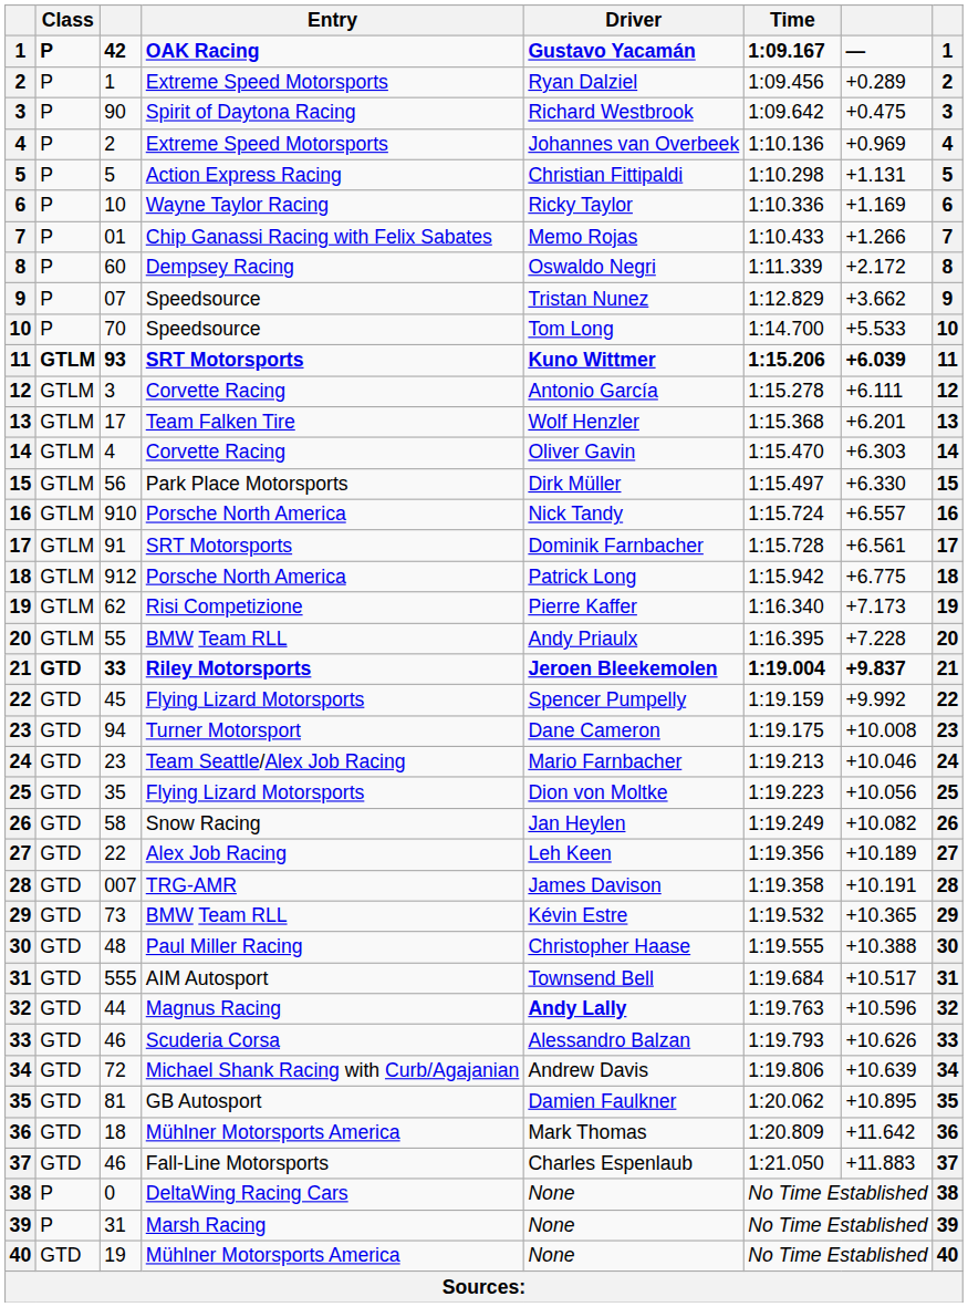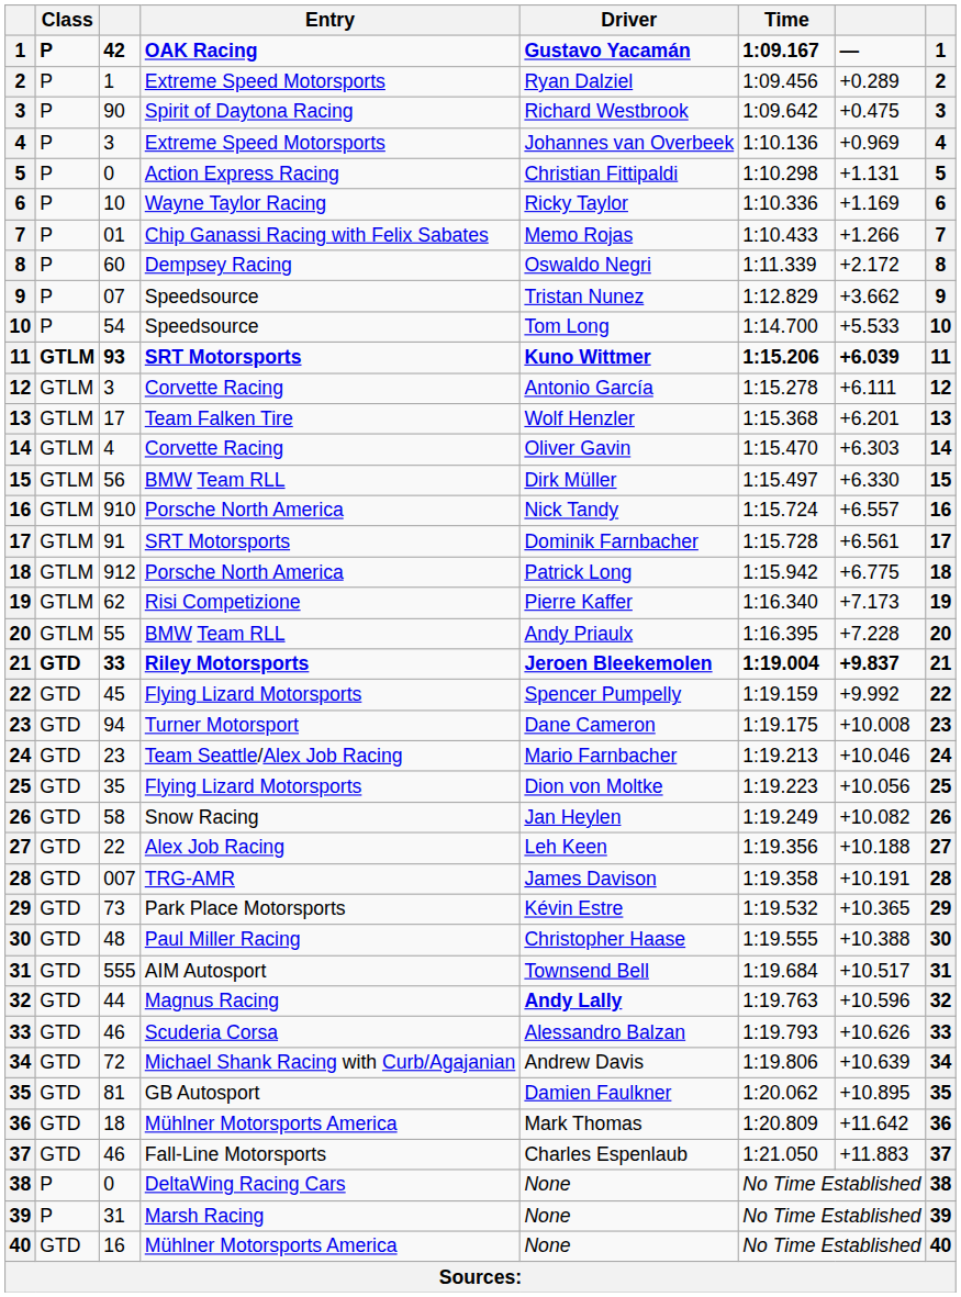 <table class="wikitable">
 <tr>
 <th></th>
 <th>Class</th>
 <th></th>
 <th>Entry</th>
 <th>Driver</th>
 <th>Time</th>
 <th></th>
 <th></th>
 </tr>
 <tr>
 <th>1</th>
 <td><strong>P</strong></td>
 <td><strong>42</strong></td>
 <td><strong> <a href='#'>OAK Racing</a></strong></td>
 <td><strong> <a href='#'>Gustavo Yacamán</a></strong></td>
 <td><strong>1:09.167</strong></td>
 <td><strong>—</strong></td>
 <th>1</th>
 </tr>
 <tr>
 <th>2</th>
 <td>P</td>
 <td>1</td>
 <td> <a href='#'>Extreme Speed Motorsports</a></td>
 <td> <a href='#'>Ryan Dalziel</a></td>
 <td>1:09.456</td>
 <td>+0.289</td>
 <th>2</th>
 </tr>
 <tr>
 <th>3</th>
 <td>P</td>
 <td>90</td>
 <td> <a href='#'>Spirit of Daytona Racing</a></td>
 <td> <a href='#'>Richard Westbrook</a></td>
 <td>1:09.642</td>
 <td>+0.475</td>
 <th>3</th>
 </tr>
 <tr>
 <th>4</th>
 <td>P</td>
-<td>2</td>
+<td>3</td>
 <td> <a href='#'>Extreme Speed Motorsports</a></td>
 <td> <a href='#'>Johannes van Overbeek</a></td>
 <td>1:10.136</td>
 <td>+0.969</td>
 <th>4</th>
 </tr>
 <tr>
 <th>5</th>
 <td>P</td>
-<td>5</td>
+<td>0</td>
 <td> <a href='#'>Action Express Racing</a></td>
 <td> <a href='#'>Christian Fittipaldi</a></td>
 <td>1:10.298</td>
 <td>+1.131</td>
 <th>5</th>
 </tr>
 <tr>
 <th>6</th>
 <td>P</td>
 <td>10</td>
 <td> <a href='#'>Wayne Taylor Racing</a></td>
 <td> <a href='#'>Ricky Taylor</a></td>
 <td>1:10.336</td>
 <td>+1.169</td>
 <th>6</th>
 </tr>
 <tr>
 <th>7</th>
 <td>P</td>
 <td>01</td>
 <td> <a href='#'>Chip Ganassi Racing with Felix Sabates</a></td>
 <td> <a href='#'>Memo Rojas</a></td>
 <td>1:10.433</td>
 <td>+1.266</td>
 <th>7</th>
 </tr>
 <tr>
 <th>8</th>
 <td>P</td>
 <td>60</td>
 <td> <a href='#'>Dempsey Racing</a></td>
 <td> <a href='#'>Oswaldo Negri</a></td>
 <td>1:11.339</td>
 <td>+2.172</td>
 <th>8</th>
 </tr>
 <tr>
 <th>9</th>
 <td>P</td>
 <td>07</td>
 <td> Speedsource</td>
 <td> <a href='#'>Tristan Nunez</a></td>
 <td>1:12.829</td>
 <td>+3.662</td>
 <th>9</th>
 </tr>
 <tr>
 <th>10</th>
 <td>P</td>
-<td>70</td>
+<td>54</td>
 <td> Speedsource</td>
 <td> <a href='#'>Tom Long</a></td>
 <td>1:14.700</td>
 <td>+5.533</td>
 <th>10</th>
 </tr>
 <tr>
 <th>11</th>
 <td><strong>GTLM</strong></td>
 <td><strong>93</strong></td>
 <td><strong> <a href='#'>SRT Motorsports</a></strong></td>
 <td><strong> <a href='#'>Kuno Wittmer</a></strong></td>
 <td><strong>1:15.206</strong></td>
 <td><strong>+6.039</strong></td>
 <th>11</th>
 </tr>
 <tr>
 <th>12</th>
 <td>GTLM</td>
 <td>3</td>
 <td> <a href='#'>Corvette Racing</a></td>
 <td> <a href='#'>Antonio García</a></td>
 <td>1:15.278</td>
 <td>+6.111</td>
 <th>12</th>
 </tr>
 <tr>
 <th>13</th>
 <td>GTLM</td>
 <td>17</td>
 <td> <a href='#'>Team Falken Tire</a></td>
 <td> <a href='#'>Wolf Henzler</a></td>
 <td>1:15.368</td>
 <td>+6.201</td>
 <th>13</th>
 </tr>
 <tr>
 <th>14</th>
 <td>GTLM</td>
 <td>4</td>
 <td> <a href='#'>Corvette Racing</a></td>
 <td> <a href='#'>Oliver Gavin</a></td>
 <td>1:15.470</td>
 <td>+6.303</td>
 <th>14</th>
 </tr>
 <tr>
 <th>15</th>
 <td>GTLM</td>
 <td>56</td>
-<td> Park Place Motorsports</td>
+<td> <a href='#'>BMW</a> <a href='#'>Team RLL</a></td>
 <td> <a href='#'>Dirk Müller</a></td>
 <td>1:15.497</td>
 <td>+6.330</td>
 <th>15</th>
 </tr>
 <tr>
 <th>16</th>
 <td>GTLM</td>
 <td>910</td>
 <td> <a href='#'>Porsche North America</a></td>
 <td> <a href='#'>Nick Tandy</a></td>
 <td>1:15.724</td>
 <td>+6.557</td>
 <th>16</th>
 </tr>
 <tr>
 <th>17</th>
 <td>GTLM</td>
 <td>91</td>
 <td> <a href='#'>SRT Motorsports</a></td>
 <td> <a href='#'>Dominik Farnbacher</a></td>
 <td>1:15.728</td>
 <td>+6.561</td>
 <th>17</th>
 </tr>
 <tr>
 <th>18</th>
 <td>GTLM</td>
 <td>912</td>
 <td> <a href='#'>Porsche North America</a></td>
 <td> <a href='#'>Patrick Long</a></td>
 <td>1:15.942</td>
 <td>+6.775</td>
 <th>18</th>
 </tr>
 <tr>
 <th>19</th>
 <td>GTLM</td>
 <td>62</td>
 <td> <a href='#'>Risi Competizione</a></td>
 <td> <a href='#'>Pierre Kaffer</a></td>
 <td>1:16.340</td>
 <td>+7.173</td>
 <th>19</th>
 </tr>
 <tr>
 <th>20</th>
 <td>GTLM</td>
 <td>55</td>
 <td> <a href='#'>BMW</a> <a href='#'>Team RLL</a></td>
 <td> <a href='#'>Andy Priaulx</a></td>
 <td>1:16.395</td>
 <td>+7.228</td>
 <th>20</th>
 </tr>
 <tr>
 <th>21</th>
 <td><strong>GTD</strong></td>
 <td><strong>33</strong></td>
 <td><strong> <a href='#'>Riley Motorsports</a></strong></td>
 <td><strong> <a href='#'>Jeroen Bleekemolen</a></strong></td>
 <td><strong>1:19.004</strong></td>
 <td><strong>+9.837</strong></td>
 <th>21</th>
 </tr>
 <tr>
 <th>22</th>
 <td>GTD</td>
 <td>45</td>
 <td> <a href='#'>Flying Lizard Motorsports</a></td>
 <td> <a href='#'>Spencer Pumpelly</a></td>
 <td>1:19.159</td>
 <td>+9.992</td>
 <th>22</th>
 </tr>
 <tr>
 <th>23</th>
 <td>GTD</td>
 <td>94</td>
 <td> <a href='#'>Turner Motorsport</a></td>
 <td> <a href='#'>Dane Cameron</a></td>
 <td>1:19.175</td>
 <td>+10.008</td>
 <th>23</th>
 </tr>
 <tr>
 <th>24</th>
 <td>GTD</td>
 <td>23</td>
 <td> <a href='#'>Team Seattle</a>/<a href='#'>Alex Job Racing</a></td>
 <td> <a href='#'>Mario Farnbacher</a></td>
 <td>1:19.213</td>
 <td>+10.046</td>
 <th>24</th>
 </tr>
 <tr>
 <th>25</th>
 <td>GTD</td>
 <td>35</td>
 <td> <a href='#'>Flying Lizard Motorsports</a></td>
 <td> <a href='#'>Dion von Moltke</a></td>
 <td>1:19.223</td>
 <td>+10.056</td>
 <th>25</th>
 </tr>
 <tr>
 <th>26</th>
 <td>GTD</td>
 <td>58</td>
 <td> Snow Racing</td>
 <td> <a href='#'>Jan Heylen</a></td>
 <td>1:19.249</td>
 <td>+10.082</td>
 <th>26</th>
 </tr>
 <tr>
 <th>27</th>
 <td>GTD</td>
 <td>22</td>
 <td> <a href='#'>Alex Job Racing</a></td>
 <td> <a href='#'>Leh Keen</a></td>
 <td>1:19.356</td>
-<td>+10.189</td>
+<td>+10.188</td>
 <th>27</th>
 </tr>
 <tr>
 <th>28</th>
 <td>GTD</td>
 <td>007</td>
 <td> <a href='#'>TRG-AMR</a></td>
 <td> <a href='#'>James Davison</a></td>
 <td>1:19.358</td>
 <td>+10.191</td>
 <th>28</th>
 </tr>
 <tr>
 <th>29</th>
 <td>GTD</td>
 <td>73</td>
-<td> <a href='#'>BMW</a> <a href='#'>Team RLL</a></td>
+<td> Park Place Motorsports</td>
 <td> <a href='#'>Kévin Estre</a></td>
 <td>1:19.532</td>
 <td>+10.365</td>
 <th>29</th>
 </tr>
 <tr>
 <th>30</th>
 <td>GTD</td>
 <td>48</td>
 <td> <a href='#'>Paul Miller Racing</a></td>
 <td> <a href='#'>Christopher Haase</a></td>
 <td>1:19.555</td>
 <td>+10.388</td>
 <th>30</th>
 </tr>
 <tr>
 <th>31</th>
 <td>GTD</td>
 <td>555</td>
 <td> AIM Autosport</td>
 <td> <a href='#'>Townsend Bell</a></td>
 <td>1:19.684</td>
 <td>+10.517</td>
 <th>31</th>
 </tr>
 <tr>
 <th>32</th>
 <td>GTD</td>
 <td>44</td>
 <td> <a href='#'>Magnus Racing</a></td>
 <td><strong> <a href='#'>Andy Lally</a></strong></td>
 <td>1:19.763</td>
 <td>+10.596</td>
 <th>32</th>
 </tr>
 <tr>
 <th>33</th>
 <td>GTD</td>
 <td>46</td>
 <td> <a href='#'>Scuderia Corsa</a></td>
 <td> <a href='#'>Alessandro Balzan</a></td>
 <td>1:19.793</td>
 <td>+10.626</td>
 <th>33</th>
 </tr>
 <tr>
 <th>34</th>
 <td>GTD</td>
 <td>72</td>
 <td> <a href='#'>Michael Shank Racing</a> with <a href='#'>Curb/Agajanian</a></td>
 <td> Andrew Davis</td>
 <td>1:19.806</td>
 <td>+10.639</td>
 <th>34</th>
 </tr>
 <tr>
 <th>35</th>
 <td>GTD</td>
 <td>81</td>
 <td> GB Autosport</td>
 <td> <a href='#'>Damien Faulkner</a></td>
 <td>1:20.062</td>
 <td>+10.895</td>
 <th>35</th>
 </tr>
 <tr>
 <th>36</th>
 <td>GTD</td>
 <td>18</td>
 <td> <a href='#'>Mühlner Motorsports America</a></td>
 <td> Mark Thomas</td>
 <td>1:20.809</td>
 <td>+11.642</td>
 <th>36</th>
 </tr>
 <tr>
 <th>37</th>
 <td>GTD</td>
 <td>46</td>
 <td> Fall-Line Motorsports</td>
 <td> Charles Espenlaub</td>
 <td>1:21.050</td>
 <td>+11.883</td>
 <th>37</th>
 </tr>
 <tr>
 <th>38</th>
 <td>P</td>
 <td>0</td>
 <td> <a href='#'>DeltaWing Racing Cars</a></td>
 <td><em>None</em></td>
 <td colspan="2"><em>No Time Established</em></td>
 <th>38</th>
 </tr>
 <tr>
 <th>39</th>
 <td>P</td>
 <td>31</td>
 <td> <a href='#'>Marsh Racing</a></td>
 <td><em>None</em></td>
 <td colspan="2"><em>No Time Established</em></td>
 <th>39</th>
 </tr>
 <tr>
 <th>40</th>
 <td>GTD</td>
-<td>19</td>
+<td>16</td>
 <td> <a href='#'>Mühlner Motorsports America</a></td>
 <td><em>None</em></td>
 <td colspan="2"><em>No Time Established</em></td>
 <th>40</th>
 </tr>
 <tr>
 <th colspan="8">Sources:</th>
 </tr>
 </table>
